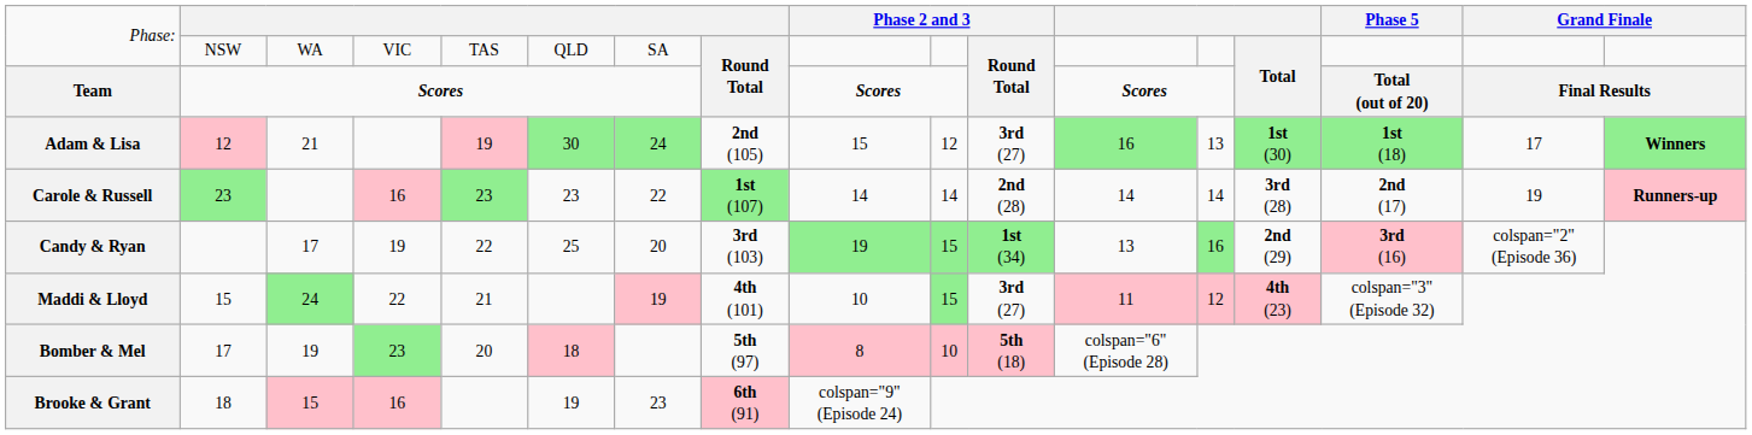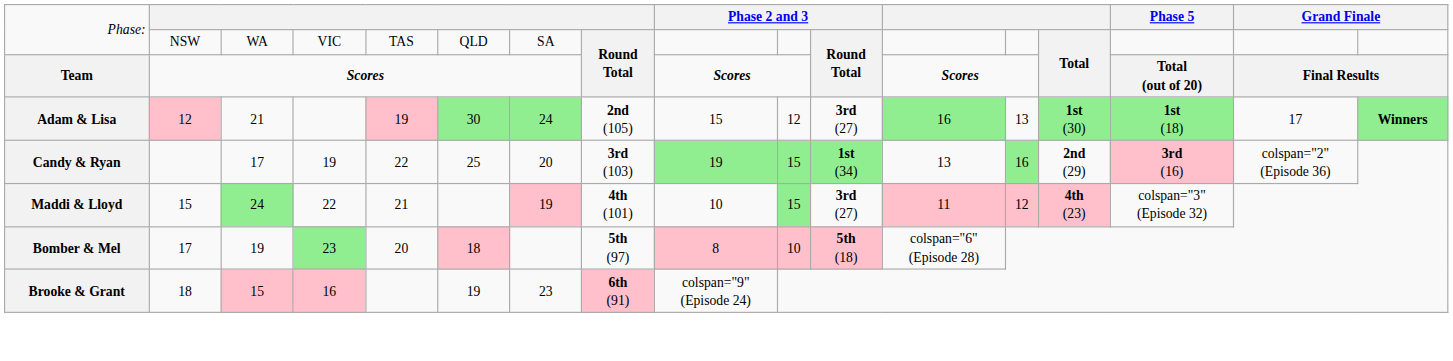 <table class="wikitable" style="text-align: center; font-size: 9pt; line-height:16px; width:80%">
 <tr>
 <td style="width:10%; text-align:right;" rowspan="2"><em>Phase:</em></td>
 <th colspan="7"></th>
 <th colspan="3"><a href='#'>Phase 2 and 3</a></th>
 <th colspan="3"></th>
 <th><a href='#'>Phase 5</a></th>
 <th colspan="2"><a href='#'>Grand Finale</a></th>
 </tr>
 <tr>
 <td style="width:5%;">NSW</td>
 <td style="width:5%;">WA</td>
 <td style="width:5%;">VIC</td>
 <td style="width:5%;">TAS</td>
 <td style="width:5%;">QLD</td>
 <td style="width:5%;">SA</td>
 <th rowspan="2" style="width:5%;">Round Total<br></th>
 <td></td>
 <td></td>
 <th rowspan="2" style="width:5%;">Round Total<br></th>
 <td></td>
 <td></td>
 <th rowspan="2" style="width:5%;">Total<br></th>
 <td></td>
 <td></td>
 <td></td>
 </tr>
 <tr>
 <th>Team</th>
 <td colspan="6"><strong><em>Scores</em></strong></td>
 <td colspan="2"><strong><em>Scores</em></strong></td>
 <td colspan="2"><strong><em>Scores</em></strong></td>
 <th colspan="1">Total<br>(out of 20)</th>
 <th colspan="2">Final Results</th>
 </tr>
 <tr>
 <th style="font-size: 9pt">Adam & Lisa</th>
 <td style="background:pink">12</td>
 <td>21</td>
 <td></td>
 <td style="background:pink">19</td>
 <td style="background:lightgreen">30</td>
 <td style="background:lightgreen">24</td>
 <td><strong>2nd</strong><br>(105)</td>
 <td>15</td>
 <td>12</td>
 <td><strong>3rd</strong><br>(27)</td>
 <td style="background:lightgreen">16</td>
 <td>13</td>
 <td style="background:lightgreen"><strong>1st</strong><br>(30)</td>
 <td style="background:lightgreen"><strong>1st</strong><br>(18)</td>
 <td>17</td>
 <td style="background:lightgreen"><strong>Winners</strong></td>
-</tr>
-<tr>
-<th style="font-size: 9pt">Carole & Russell</th>
-<td style="background:lightgreen">23</td>
-<td></td>
-<td style="background:pink">16</td>
-<td style="background:lightgreen">23</td>
-<td>23</td>
-<td>22</td>
-<td style="background:lightgreen"><strong>1st</strong><br>(107)</td>
-<td>14</td>
-<td>14</td>
-<td><strong>2nd</strong><br>(28)</td>
-<td>14</td>
-<td>14</td>
-<td><strong>3rd</strong><br>(28)</td>
-<td><strong>2nd</strong><br>(17)</td>
-<td>19</td>
-<td style="background:pink"><strong>Runners-up</strong></td>
 </tr>
 <tr>
 <th style="font-size: 9pt">Candy & Ryan</th>
 <td></td>
 <td>17</td>
 <td>19</td>
 <td>22</td>
 <td>25</td>
 <td>20</td>
 <td><strong>3rd</strong><br>(103)</td>
 <td style="background:lightgreen">19</td>
 <td style="background:lightgreen">15</td>
 <td style="background:lightgreen"><strong>1st</strong><br>(34)</td>
 <td>13</td>
 <td style="background:lightgreen">16</td>
 <td><strong>2nd</strong><br>(29)</td>
 <td style="background:pink"><strong>3rd</strong><br>(16)</td>
 <td>colspan="2" <br>(Episode 36)</td>
 </tr>
 <tr>
 <th style="font-size: 9pt">Maddi & Lloyd</th>
 <td>15</td>
 <td style="background:lightgreen">24</td>
 <td>22</td>
 <td>21</td>
 <td></td>
 <td style="background:pink">19</td>
 <td><strong>4th</strong><br>(101)</td>
 <td>10</td>
 <td style="background:lightgreen">15</td>
 <td><strong>3rd</strong><br>(27)</td>
 <td style="background:pink">11</td>
 <td style="background:pink">12</td>
 <td style="background:pink"><strong>4th</strong><br>(23)</td>
 <td>colspan="3" <br>(Episode 32)</td>
 </tr>
 <tr>
 <th style="font-size: 9pt">Bomber & Mel</th>
 <td>17</td>
 <td>19</td>
 <td style="background:lightgreen">23</td>
 <td>20</td>
 <td style="background:pink">18</td>
 <td></td>
 <td><strong>5th</strong><br>(97)</td>
 <td style="background:pink">8</td>
 <td style="background:pink">10</td>
 <td style="background:pink"><strong>5th</strong><br>(18)</td>
 <td>colspan="6" <br>(Episode 28)</td>
 </tr>
 <tr>
 <th style="font-size: 9pt">Brooke & Grant</th>
 <td>18</td>
 <td style="background:pink">15</td>
 <td style="background:pink">16</td>
 <td></td>
 <td>19</td>
 <td>23</td>
 <td style="background:pink"><strong>6th</strong><br>(91)</td>
 <td>colspan="9" <br>(Episode 24)</td>
 </tr>
 </table>
